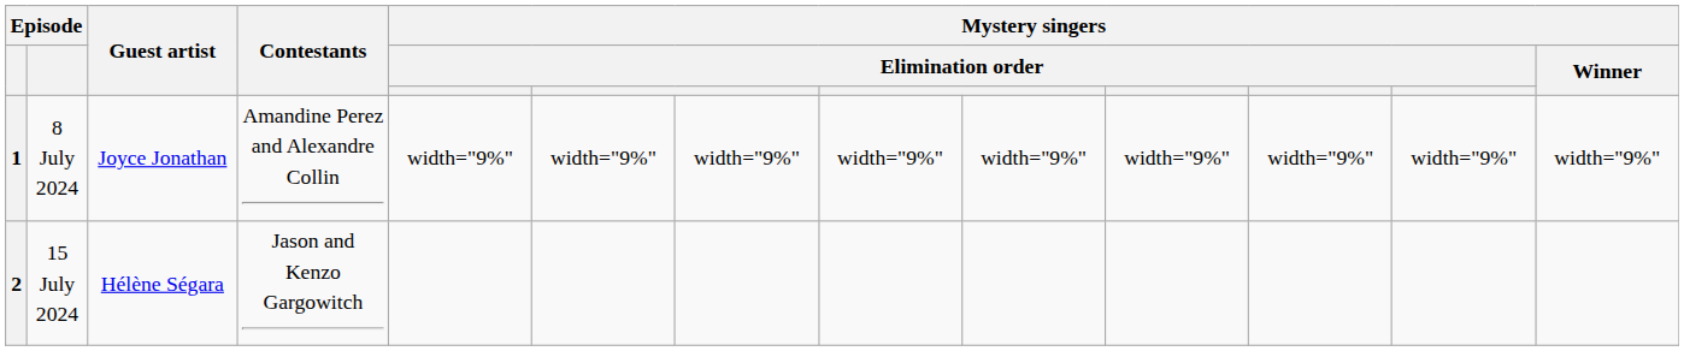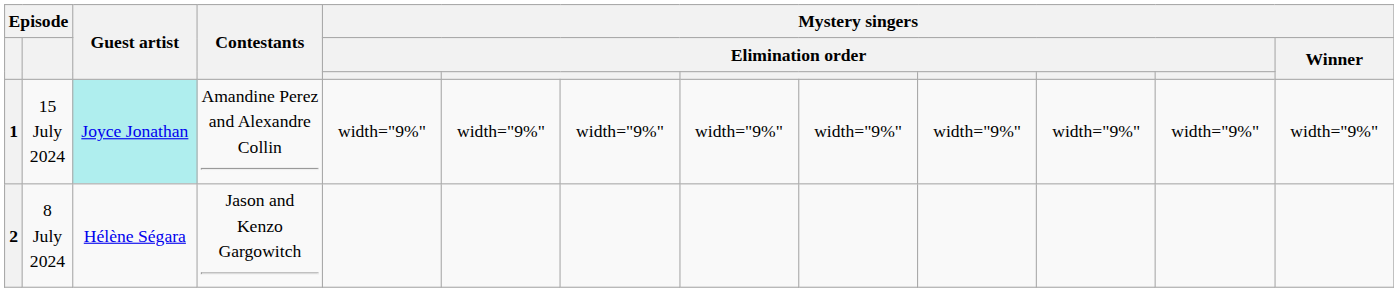 <table class="wikitable plainrowheaders mw-collapsible" style="text-align:center; line-height:23px; width:100%;">
 <tr>
 <th colspan="2" width="1%">Episode</th>
 <th rowspan="3" width="9%">Guest artist</th>
 <th rowspan="3" width="9%">Contestants</th>
 <th colspan="9">Mystery singers<br></th>
 </tr>
 <tr>
 <th rowspan="2"></th>
 <th rowspan="2"></th>
 <th colspan="8">Elimination order</th>
 <th rowspan="2">Winner</th>
 </tr>
 <tr>
 <th></th>
 <th colspan="2"></th>
 <th colspan="2"></th>
 <th></th>
 <th></th>
 <th></th>
 </tr>
 <tr>
 <th>1</th>
-<td>8 July 2024</td>
-<td><a href='#'>Joyce Jonathan</a><br></td>
+<td>15 July 2024</td>
+<td style="background: paleturquoise;"><a href='#'>Joyce Jonathan</a><br></td>
 <td>Amandine Perez and Alexandre Collin<hr></td>
 <td>width="9%" </td>
 <td>width="9%" </td>
 <td>width="9%" </td>
 <td>width="9%" </td>
 <td>width="9%" </td>
 <td>width="9%" </td>
 <td>width="9%" </td>
 <td>width="9%" </td>
 <td>width="9%" </td>
 </tr>
 <tr>
 <th>2</th>
-<td>15 July 2024</td>
+<td>8 July 2024</td>
 <td><a href='#'>Hélène Ségara</a></td>
 <td>Jason and Kenzo Gargowitch<hr></td>
 <td></td>
 <td></td>
 <td></td>
 <td></td>
 <td></td>
 <td></td>
 <td></td>
 <td></td>
 <td></td>
 </tr>
 </table>
